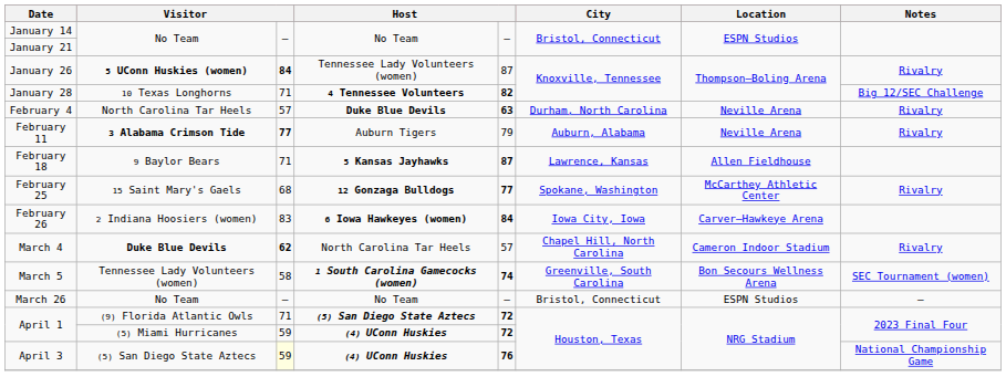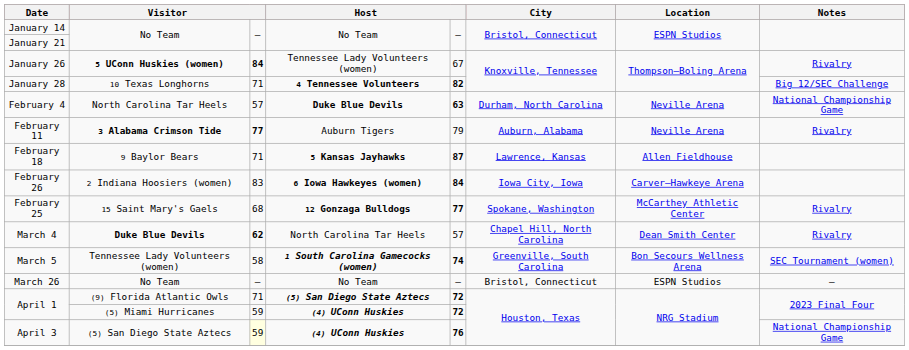 <table class="wikitable" style="text-align:center">
 <tr style="background:#A32638;"|>
 <th>Date</th>
 <th colspan=2>Visitor</th>
 <th colspan=2>Host</th>
 <th>City</th>
 <th>Location</th>
 <th>Notes</th>
 </tr>
 <tr>
 <td>January 14</td>
 <td rowspan="2">No Team</td>
 <td rowspan="2">–</td>
 <td rowspan="2">No Team</td>
 <td rowspan="2">–</td>
 <td rowspan="2"><a href='#'>Bristol, Connecticut</a></td>
 <td rowspan="2"><a href='#'>ESPN Studios</a></td>
 <td rowspan="2"></td>
 </tr>
 <tr>
 <td>January 21</td>
 </tr>
 <tr>
 <td>January 26</td>
 <td><strong> <small>5</small> UConn Huskies (women)</strong></td>
 <td><strong>84</strong></td>
 <td>Tennessee Lady Volunteers (women)</td>
-<td>87</td>
+<td>67</td>
 <td rowspan="2"><a href='#'>Knoxville, Tennessee</a></td>
 <td rowspan="2"><a href='#'>Thompson–Boling Arena</a></td>
 <td><a href='#'>Rivalry</a></td>
 </tr>
 <tr>
 <td>January 28</td>
 <td><small>10</small> Texas Longhorns</td>
 <td>71</td>
 <td><strong><small>4</small> Tennessee Volunteers</strong></td>
 <td><strong>82</strong></td>
 <td><a href='#'>Big 12/SEC Challenge</a></td>
 </tr>
 <tr>
 <td>February 4</td>
 <td>North Carolina Tar Heels</td>
 <td>57</td>
 <td><strong>Duke Blue Devils</strong></td>
 <td><strong>63</strong></td>
 <td><a href='#'>Durham, North Carolina</a></td>
 <td><a href='#'>Neville Arena</a></td>
-<td><a href='#'>Rivalry</a></td>
+<td><a href='#'>National Championship Game</a></td>
 </tr>
 <tr>
 <td>February 11</td>
 <td><strong><small>3</small> Alabama Crimson Tide</strong></td>
 <td><strong>77</strong></td>
 <td>Auburn Tigers</td>
 <td>79</td>
 <td><a href='#'>Auburn, Alabama</a></td>
 <td><a href='#'>Neville Arena</a></td>
 <td><a href='#'>Rivalry</a></td>
 </tr>
 <tr>
 <td>February 18</td>
 <td><small>9</small> Baylor Bears</td>
 <td>71</td>
 <td><strong><small>5</small> Kansas Jayhawks</strong></td>
 <td><strong>87</strong></td>
 <td><a href='#'>Lawrence, Kansas</a></td>
 <td><a href='#'>Allen Fieldhouse</a></td>
 <td></td>
 </tr>
 <tr>
+<td>February 26</td>
+<td><small>2</small> Indiana Hoosiers (women)</td>
+<td>83</td>
+<td><strong><small>6</small> Iowa Hawkeyes (women)</strong></td>
+<td><strong>84</strong></td>
+<td><a href='#'>Iowa City, Iowa</a></td>
+<td><a href='#'>Carver–Hawkeye Arena</a></td>
+<td></td>
+</tr>
+<tr>
 <td>February 25</td>
 <td><small>15</small> Saint Mary's Gaels</td>
 <td>68</td>
 <td><strong><small>12</small> Gonzaga Bulldogs</strong></td>
 <td><strong>77</strong></td>
 <td><a href='#'>Spokane, Washington</a></td>
 <td><a href='#'>McCarthey Athletic Center</a></td>
 <td><a href='#'>Rivalry</a></td>
 </tr>
 <tr>
-<td>February 26</td>
-<td><small>2</small> Indiana Hoosiers (women)</td>
-<td>83</td>
-<td><strong><small>6</small> Iowa Hawkeyes (women)</strong></td>
-<td><strong>84</strong></td>
-<td><a href='#'>Iowa City, Iowa</a></td>
-<td><a href='#'>Carver–Hawkeye Arena</a></td>
-<td></td>
-</tr>
-<tr>
 <td>March 4</td>
 <td><strong>Duke Blue Devils</strong></td>
 <td><strong>62</strong></td>
 <td>North Carolina Tar Heels</td>
 <td>57</td>
 <td><a href='#'>Chapel Hill, North Carolina</a></td>
-<td><a href='#'>Cameron Indoor Stadium</a></td>
+<td><a href='#'>Dean Smith Center</a></td>
 <td><a href='#'>Rivalry</a></td>
 </tr>
 <tr>
 <td>March 5</td>
 <td>Tennessee Lady Volunteers (women)</td>
 <td>58</td>
 <td><strong><em><small>1</small> South Carolina Gamecocks (women)</em></strong></td>
 <td><strong>74</strong></td>
 <td><a href='#'>Greenville, South Carolina</a></td>
 <td><a href='#'>Bon Secours Wellness Arena</a></td>
 <td><a href='#'>SEC Tournament (women)</a></td>
 </tr>
 <tr>
 <td>March 26</td>
 <td>No Team</td>
 <td>–</td>
 <td>No Team</td>
 <td>–</td>
 <td>Bristol, Connecticut</td>
 <td>ESPN Studios</td>
 <td>–</td>
 </tr>
 <tr>
 <td rowspan="2">April 1</td>
 <td><small>(9)</small> Florida Atlantic Owls</td>
 <td>71</td>
 <td><strong><em><small>(5)</small> San Diego State Aztecs</em></strong></td>
 <td><strong>72</strong></td>
 <td rowspan="3"><a href='#'>Houston, Texas</a></td>
 <td rowspan="3"><a href='#'>NRG Stadium</a></td>
 <td rowspan="2"><a href='#'>2023 Final Four</a></td>
 </tr>
 <tr>
 <td><small>(5)</small> Miami Hurricanes</td>
 <td>59</td>
 <td><strong><em><small>(4) </small>UConn Huskies</em></strong></td>
 <td><strong>72</strong></td>
 </tr>
 <tr>
 <td>April 3</td>
 <td><small>(5)</small> San Diego State Aztecs</td>
 <td style="background: lightyellow;">59</td>
 <td><strong><em><small>(4)</small> UConn Huskies</em></strong></td>
 <td><strong>76</strong></td>
 <td><a href='#'>National Championship Game</a></td>
 </tr>
 <tr>
 </tr>
 </table>
